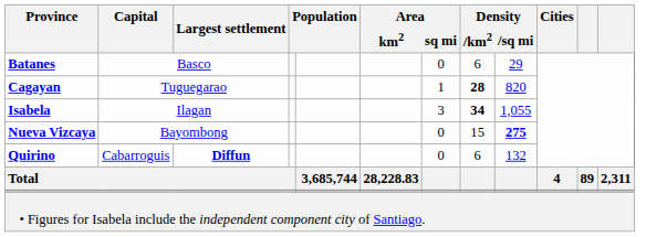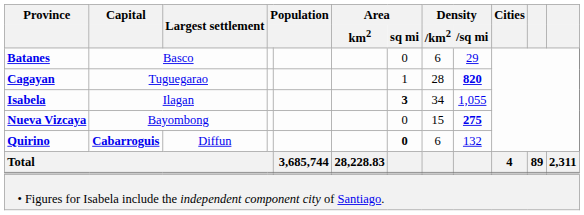 <table class="wikitable sortable" style="background-color:#FDFDFD;text-align:center;font-size:90%;border:1pt solid grey;">
 <tr>
 <th scope="col" style="border-bottom:none;" class="unsortable">Province</th>
 <th scope="col" style="border-bottom:none;" class="unsortable">Capital</th>
 <th rowspan="2">Largest settlement</th>
 <th scope="col" style="border-bottom:none;" colspan=2>Population </th>
 <th scope="col" style="border-bottom:none;white-space:nowrap;" class="unsortable" colspan=2>Area</th>
 <th scope="col" style="border-bottom:none;" colspan=2>Density</th>
 <th scope="col" style="border-bottom:none;" class="unsortable">Cities</th>
 <th scope="col" style="border-bottom:none;" class="unsortable"></th>
 <th scope="col" style="border-bottom:none;" class="unsortable"></th>
 </tr>
 <tr>
 <th scope="col" style="border-top:none;"></th>
 <th scope="col" style="border-top:none;"></th>
 <th scope="col" style="border-top:none;" colspan=2></th>
 <th scope="col" style="border-style:none none solid solid;">km<sup>2</sup></th>
 <th scope="col" style="border-style:none solid solid none;white-space:nowrap;" class="unsortable">sq mi</th>
 <th scope="col" style="border-style:none none solid solid;">/km<sup>2</sup></th>
 <th scope="col" style="border-style:none solid solid none;white-space:nowrap;" class="unsortable">/sq mi</th>
 <th scope="col" style="border-top:none;"></th>
 <th scope="col" style="border-top:none;"></th>
 <th scope="col" style="border-top:none;"></th>
 </tr>
 <tr>
 <th scope="row" style="text-align:left;background-color:initial;"><a href='#'>Batanes</a></th>
 <td colspan="2" style="text-align:center;"><a href='#'>Basco</a></td>
 <td></td>
 <td></td>
 <td></td>
 <td>0</td>
 <td>6</td>
 <td><a href='#'>29</a></td>
 </tr>
 <tr>
 <th scope="row" style="text-align:left;background-color:initial;"><a href='#'>Cagayan</a></th>
 <td colspan="2" style="text-align:center;"><a href='#'>Tuguegarao</a></td>
 <td></td>
 <td></td>
 <td></td>
 <td>1</td>
-<td><strong>28</strong></td>
-<td><a href='#'>820</a></td>
+<td>28</td>
+<td><strong><a href='#'>820</a></strong></td>
 </tr>
 <tr>
 <th scope="row" style="text-align:left;background-color:initial;"><a href='#'>Isabela</a></th>
 <td colspan="2" style="text-align:center;"><a href='#'>Ilagan</a></td>
 <td></td>
 <td></td>
 <td></td>
-<td>3</td>
-<td><strong>34</strong></td>
+<td><strong>3</strong></td>
+<td>34</td>
 <td><a href='#'>1,055</a></td>
 </tr>
 <tr>
 <th scope="row" style="text-align:left;background-color:initial;"><a href='#'>Nueva Vizcaya</a></th>
 <td colspan="2" style="text-align:center;"><a href='#'>Bayombong</a></td>
 <td></td>
 <td></td>
 <td></td>
 <td>0</td>
 <td>15</td>
 <td><strong><a href='#'>275</a></strong></td>
 </tr>
 <tr>
 <th scope="row" style="text-align:left;background-color:initial;"><a href='#'>Quirino</a></th>
-<td style="text-align:center;"><a href='#'>Cabarroguis</a></td>
-<td style="text-align:center;"><strong><a href='#'>Diffun</a></strong></td>
+<td style="text-align:center;"><strong><a href='#'>Cabarroguis</a></strong></td>
+<td style="text-align:center;"><a href='#'>Diffun</a></td>
 <td></td>
 <td></td>
 <td></td>
-<td>0</td>
+<td><strong>0</strong></td>
 <td>6</td>
 <td><a href='#'>132</a></td>
 </tr>
 <tr class="sortbottom">
 <th scope="row" colspan=4 style="text-align:left;">Total</th>
 <th scope="col" style="text-align:right;">3,685,744</th>
 <th scope="col" style="text-align:right;">28,228.83</th>
 <th scope="col"></th>
 <th scope="col" style="text-align:right;"></th>
 <th scope="col" style="text-align:right;"></th>
 <th scope="col">4</th>
 <th scope="col">89</th>
 <th scope="col">2,311</th>
 </tr>
 <tr class="sortbottom" style="text-align:left;background-color:#F2F2F2;border-top:double grey;">
 <td colspan=13 style="padding-left:1em;"><br>• Figures for Isabela include the <em>independent component city</em> of <a href='#'>Santiago</a>.</td>
 </tr>
 </table>
